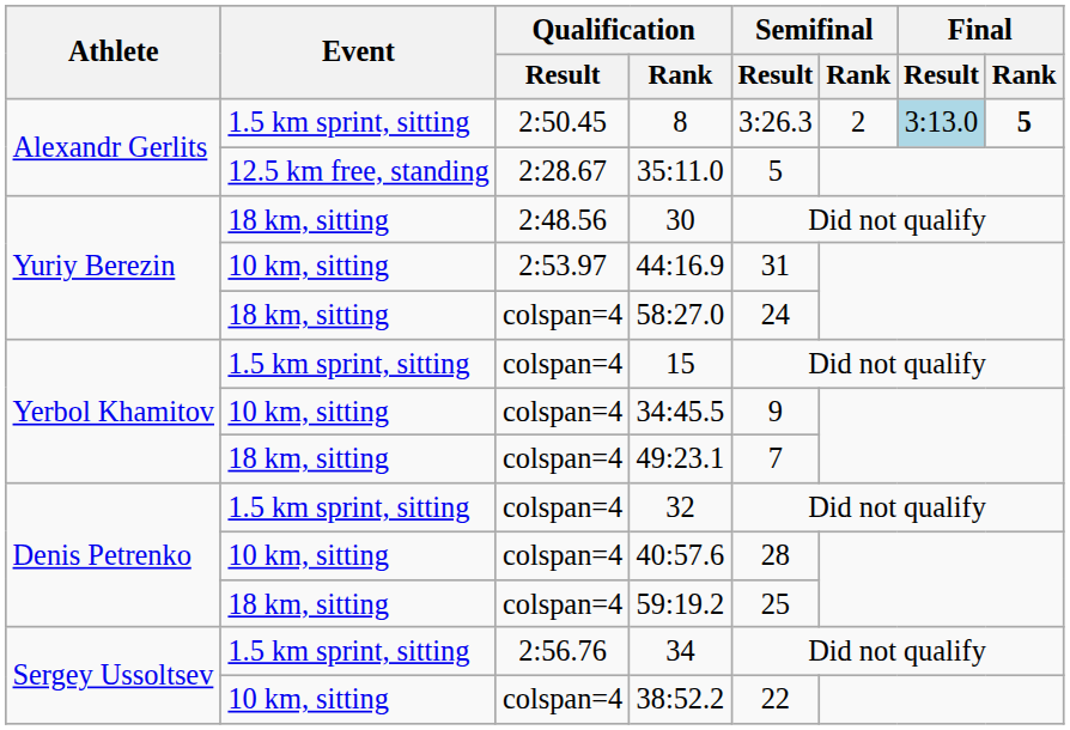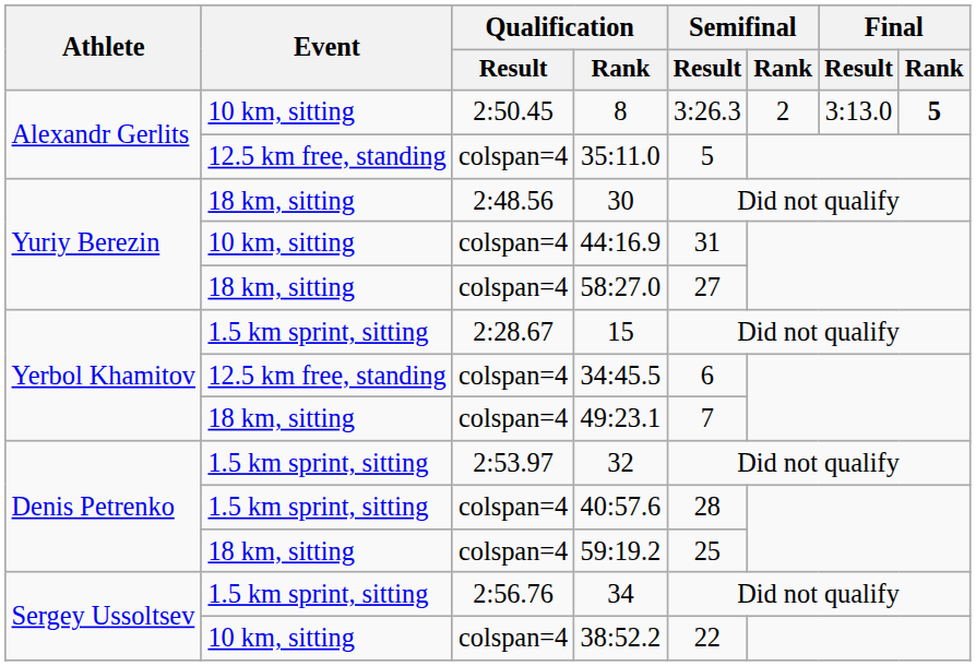 <table class="wikitable" style="font-size:90%">
 <tr>
 <th rowspan=2>Athlete</th>
 <th rowspan=2>Event</th>
 <th colspan=2>Qualification</th>
 <th colspan=2>Semifinal</th>
 <th colspan=2>Final</th>
 </tr>
 <tr style="font-size:95%">
 <th>Result</th>
 <th>Rank</th>
 <th>Result</th>
 <th>Rank</th>
 <th>Result</th>
 <th>Rank</th>
 </tr>
 <tr align=center>
 <td style="text-align:left;" rowspan="2"><a href='#'>Alexandr Gerlits</a></td>
-<td align=left><a href='#'>1.5 km sprint, sitting</a></td>
+<td align=left><a href='#'>10 km, sitting</a></td>
 <td>2:50.45</td>
 <td>8</td>
 <td>3:26.3</td>
 <td>2</td>
-<td style="background: lightblue;">3:13.0</td>
+<td>3:13.0</td>
 <td><strong>5</strong></td>
 </tr>
 <tr align=center>
 <td align=left><a href='#'>12.5 km free, standing</a></td>
-<td>2:28.67</td>
+<td>colspan=4 </td>
 <td>35:11.0</td>
 <td>5</td>
 </tr>
 <tr align=center>
 <td style="text-align:left;" rowspan="3"><a href='#'>Yuriy Berezin</a></td>
 <td align=left><a href='#'>18 km, sitting</a></td>
 <td>2:48.56</td>
 <td>30</td>
 <td colspan=4>Did not qualify</td>
 </tr>
 <tr align=center>
 <td align=left><a href='#'>10 km, sitting</a></td>
-<td>2:53.97</td>
+<td>colspan=4 </td>
 <td>44:16.9</td>
 <td>31</td>
 </tr>
 <tr align=center>
 <td align=left><a href='#'>18 km, sitting</a></td>
 <td>colspan=4 </td>
 <td>58:27.0</td>
-<td>24</td>
+<td>27</td>
 </tr>
 <tr align=center>
 <td style="text-align:left;" rowspan="3"><a href='#'>Yerbol Khamitov</a></td>
 <td align=left><a href='#'>1.5 km sprint, sitting</a></td>
-<td>colspan=4 </td>
+<td>2:28.67</td>
 <td>15</td>
 <td colspan=4>Did not qualify</td>
 </tr>
 <tr align=center>
-<td align=left><a href='#'>10 km, sitting</a></td>
+<td align=left><a href='#'>12.5 km free, standing</a></td>
 <td>colspan=4 </td>
 <td>34:45.5</td>
-<td>9</td>
+<td>6</td>
 </tr>
 <tr align=center>
 <td align=left><a href='#'>18 km, sitting</a></td>
 <td>colspan=4 </td>
 <td>49:23.1</td>
 <td>7</td>
 </tr>
 <tr align=center>
 <td style="text-align:left;" rowspan="3"><a href='#'>Denis Petrenko</a></td>
 <td align=left><a href='#'>1.5 km sprint, sitting</a></td>
-<td>colspan=4 </td>
+<td>2:53.97</td>
 <td>32</td>
 <td colspan=4>Did not qualify</td>
 </tr>
 <tr align=center>
-<td align=left><a href='#'>10 km, sitting</a></td>
+<td align=left><a href='#'>1.5 km sprint, sitting</a></td>
 <td>colspan=4 </td>
 <td>40:57.6</td>
 <td>28</td>
 </tr>
 <tr align=center>
 <td align=left><a href='#'>18 km, sitting</a></td>
 <td>colspan=4 </td>
 <td>59:19.2</td>
 <td>25</td>
 </tr>
 <tr align=center>
 <td style="text-align:left;" rowspan="2"><a href='#'>Sergey Ussoltsev</a></td>
 <td align=left><a href='#'>1.5 km sprint, sitting</a></td>
 <td>2:56.76</td>
 <td>34</td>
 <td colspan=4>Did not qualify</td>
 </tr>
 <tr align=center>
 <td align=left><a href='#'>10 km, sitting</a></td>
 <td>colspan=4 </td>
 <td>38:52.2</td>
 <td>22</td>
 </tr>
 </table>
